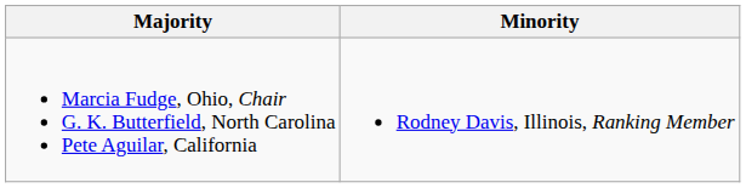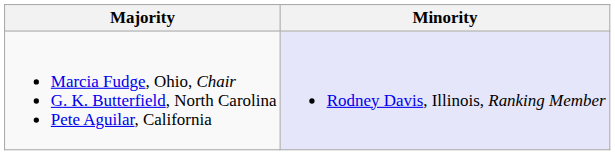 <table class=wikitable>
 <tr>
 <th>Majority</th>
 <th>Minority</th>
 </tr>
 <tr>
 <td><br><ul><li><a href='#'>Marcia Fudge</a>, Ohio, <em>Chair</em></li><li><a href='#'>G. K. Butterfield</a>, North Carolina</li><li><a href='#'>Pete Aguilar</a>, California</li></ul></td>
-<td><br><ul><li><a href='#'>Rodney Davis</a>, Illinois, <em>Ranking Member</em></li></ul></td>
+<td style="background: lavender;"><br><ul><li><a href='#'>Rodney Davis</a>, Illinois, <em>Ranking Member</em></li></ul></td>
 </tr>
 </table>
